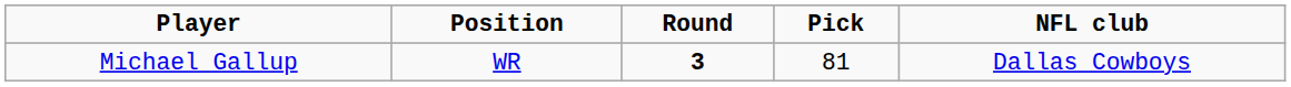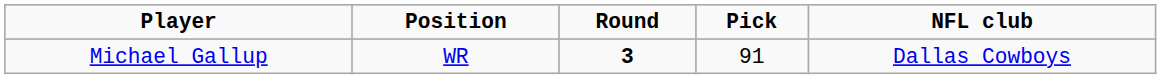 <table class="wikitable" width="80%">
 <tr align="center">
 <td><strong>Player</strong></td>
 <td><strong>Position</strong></td>
 <td><strong>Round</strong></td>
 <td><strong>Pick</strong></td>
 <td><strong>NFL club</strong></td>
 </tr>
 <tr align="center" bgcolor="">
 <td><a href='#'>Michael Gallup</a></td>
 <td><a href='#'>WR</a></td>
 <td><strong>3</strong></td>
-<td>81</td>
+<td>91</td>
 <td><a href='#'>Dallas Cowboys</a></td>
 </tr>
 </table>
